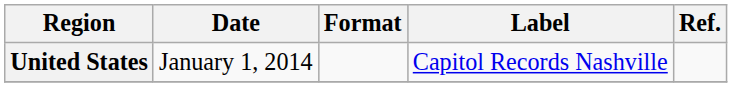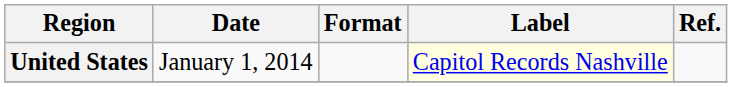 <table class="wikitable plainrowheaders">
 <tr>
 <th scope="col">Region</th>
 <th scope="col">Date</th>
 <th scope="col">Format</th>
 <th scope="col">Label</th>
 <th scope="col">Ref.</th>
 </tr>
 <tr>
 <th scope="row">United States</th>
 <td>January 1, 2014</td>
 <td></td>
-<td><a href='#'>Capitol Records Nashville</a></td>
+<td style="background: lightyellow;"><a href='#'>Capitol Records Nashville</a></td>
 <td></td>
 </tr>
 <tr>
 </tr>
 </table>
